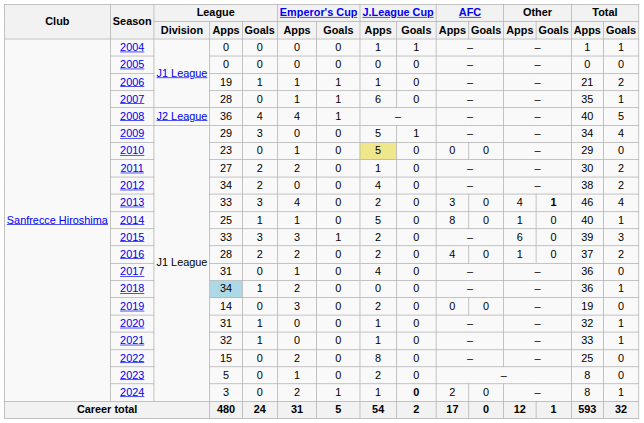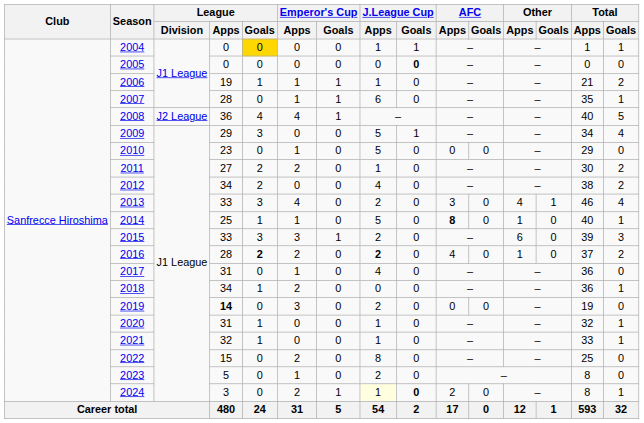 <table class="wikitable" style="text-align:center">
 <tr>
 <th rowspan="2">Club</th>
 <th rowspan="2">Season</th>
 <th colspan="3">League</th>
 <th colspan="2"><a href='#'>Emperor's Cup</a></th>
 <th colspan="2"><a href='#'>J.League Cup</a></th>
 <th colspan="2"><a href='#'>AFC</a></th>
 <th colspan="2">Other</th>
 <th colspan="2">Total</th>
 </tr>
 <tr>
 <th>Division</th>
 <th>Apps</th>
 <th>Goals</th>
 <th>Apps</th>
 <th>Goals</th>
 <th>Apps</th>
 <th>Goals</th>
 <th>Apps</th>
 <th>Goals</th>
 <th>Apps</th>
 <th>Goals</th>
 <th>Apps</th>
 <th>Goals</th>
 </tr>
 <tr>
 <td rowspan="21"><a href='#'>Sanfrecce Hiroshima</a></td>
 <td><a href='#'>2004</a></td>
 <td rowspan="4"><a href='#'>J1 League</a></td>
 <td>0</td>
-<td>0</td>
+<td style="background: gold;">0</td>
 <td>0</td>
 <td>0</td>
 <td>1</td>
 <td>1</td>
 <td colspan="2">–</td>
 <td colspan="2">–</td>
 <td>1</td>
 <td>1</td>
 </tr>
 <tr>
 <td><a href='#'>2005</a></td>
 <td>0</td>
 <td>0</td>
 <td>0</td>
 <td>0</td>
 <td>0</td>
-<td>0</td>
+<td><strong>0</strong></td>
 <td colspan="2">–</td>
 <td colspan="2">–</td>
 <td>0</td>
 <td>0</td>
 </tr>
 <tr>
 <td><a href='#'>2006</a></td>
 <td>19</td>
 <td>1</td>
 <td>1</td>
 <td>1</td>
 <td>1</td>
 <td>0</td>
 <td colspan="2">–</td>
 <td colspan="2">–</td>
 <td>21</td>
 <td>2</td>
 </tr>
 <tr>
 <td><a href='#'>2007</a></td>
 <td>28</td>
 <td>0</td>
 <td>1</td>
 <td>1</td>
 <td>6</td>
 <td>0</td>
 <td colspan="2">–</td>
 <td colspan="2">–</td>
 <td>35</td>
 <td>1</td>
 </tr>
 <tr>
 <td><a href='#'>2008</a></td>
 <td><a href='#'>J2 League</a></td>
 <td>36</td>
 <td>4</td>
 <td>4</td>
 <td>1</td>
 <td colspan="2">–</td>
 <td colspan="2">–</td>
 <td colspan="2">–</td>
 <td>40</td>
 <td>5</td>
 </tr>
 <tr>
 <td><a href='#'>2009</a></td>
 <td rowspan="16">J1 League</td>
 <td>29</td>
 <td>3</td>
 <td>0</td>
 <td>0</td>
 <td>5</td>
 <td>1</td>
 <td colspan="2">–</td>
 <td colspan="2">–</td>
 <td>34</td>
 <td>4</td>
 </tr>
 <tr>
 <td><a href='#'>2010</a></td>
 <td>23</td>
 <td>0</td>
 <td>1</td>
 <td>0</td>
-<td style="background: khaki;">5</td>
+<td>5</td>
 <td>0</td>
 <td>0</td>
 <td>0</td>
 <td colspan="2">–</td>
 <td>29</td>
 <td>0</td>
 </tr>
 <tr>
 <td><a href='#'>2011</a></td>
 <td>27</td>
 <td>2</td>
 <td>2</td>
 <td>0</td>
 <td>1</td>
 <td>0</td>
 <td colspan="2">–</td>
 <td colspan="2">–</td>
 <td>30</td>
 <td>2</td>
 </tr>
 <tr>
 <td><a href='#'>2012</a></td>
 <td>34</td>
 <td>2</td>
 <td>0</td>
 <td>0</td>
 <td>4</td>
 <td>0</td>
 <td colspan="2">–</td>
 <td colspan="2">–</td>
 <td>38</td>
 <td>2</td>
 </tr>
 <tr>
 <td><a href='#'>2013</a></td>
 <td>33</td>
 <td>3</td>
 <td>4</td>
 <td>0</td>
 <td>2</td>
 <td>0</td>
 <td>3</td>
 <td>0</td>
 <td>4</td>
-<td><strong>1</strong></td>
+<td>1</td>
 <td>46</td>
 <td>4</td>
 </tr>
 <tr>
 <td><a href='#'>2014</a></td>
 <td>25</td>
 <td>1</td>
 <td>1</td>
 <td>0</td>
 <td>5</td>
 <td>0</td>
-<td>8</td>
+<td><strong>8</strong></td>
 <td>0</td>
 <td>1</td>
 <td>0</td>
 <td>40</td>
 <td>1</td>
 </tr>
 <tr>
 <td><a href='#'>2015</a></td>
 <td>33</td>
 <td>3</td>
 <td>3</td>
 <td>1</td>
 <td>2</td>
 <td>0</td>
 <td colspan="2">–</td>
 <td>6</td>
 <td>0</td>
 <td>39</td>
 <td>3</td>
 </tr>
 <tr>
 <td><a href='#'>2016</a></td>
 <td>28</td>
-<td>2</td>
+<td><strong>2</strong></td>
 <td>2</td>
 <td>0</td>
-<td>2</td>
+<td><strong>2</strong></td>
 <td>0</td>
 <td>4</td>
 <td>0</td>
 <td>1</td>
 <td>0</td>
 <td>37</td>
 <td>2</td>
 </tr>
 <tr>
 <td><a href='#'>2017</a></td>
 <td>31</td>
 <td>0</td>
 <td>1</td>
 <td>0</td>
 <td>4</td>
 <td>0</td>
 <td colspan="2">–</td>
 <td colspan="2">–</td>
 <td>36</td>
 <td>0</td>
 </tr>
 <tr>
 <td><a href='#'>2018</a></td>
-<td style="background: lightblue;">34</td>
+<td>34</td>
 <td>1</td>
 <td>2</td>
 <td>0</td>
 <td>0</td>
 <td>0</td>
 <td colspan="2">–</td>
 <td colspan="2">–</td>
 <td>36</td>
 <td>1</td>
 </tr>
 <tr>
 <td><a href='#'>2019</a></td>
-<td>14</td>
+<td><strong>14</strong></td>
 <td>0</td>
 <td>3</td>
 <td>0</td>
 <td>2</td>
 <td>0</td>
 <td>0</td>
 <td>0</td>
 <td colspan="2">–</td>
 <td>19</td>
 <td>0</td>
 </tr>
 <tr>
 <td><a href='#'>2020</a></td>
 <td>31</td>
 <td>1</td>
 <td>0</td>
 <td>0</td>
 <td>1</td>
 <td>0</td>
 <td colspan="2">–</td>
 <td colspan="2">–</td>
 <td>32</td>
 <td>1</td>
 </tr>
 <tr>
 <td><a href='#'>2021</a></td>
 <td>32</td>
 <td>1</td>
 <td>0</td>
 <td>0</td>
 <td>1</td>
 <td>0</td>
 <td colspan="2">–</td>
 <td colspan="2">–</td>
 <td>33</td>
 <td>1</td>
 </tr>
 <tr>
 <td><a href='#'>2022</a></td>
 <td>15</td>
 <td>0</td>
 <td>2</td>
 <td>0</td>
 <td>8</td>
 <td>0</td>
 <td colspan="2">–</td>
 <td colspan="2">–</td>
 <td>25</td>
 <td>0</td>
 </tr>
 <tr>
 <td><a href='#'>2023</a></td>
 <td>5</td>
 <td>0</td>
 <td>1</td>
 <td>0</td>
 <td>2</td>
 <td>0</td>
 <td colspan="4">–</td>
 <td>8</td>
 <td>0</td>
 </tr>
 <tr>
 <td><a href='#'>2024</a></td>
 <td>3</td>
 <td>0</td>
 <td>2</td>
 <td>1</td>
-<td>1</td>
+<td style="background: lightyellow;">1</td>
 <td><strong>0</strong></td>
 <td>2</td>
 <td>0</td>
 <td colspan="2">–</td>
 <td>8</td>
 <td>1</td>
 </tr>
 <tr>
 <th colspan="3">Career total</th>
 <th>480</th>
 <th>24</th>
 <th>31</th>
 <th>5</th>
 <th>54</th>
 <th>2</th>
 <th>17</th>
 <th>0</th>
 <th>12</th>
 <th>1</th>
 <th>593</th>
 <th>32</th>
 </tr>
 </table>
